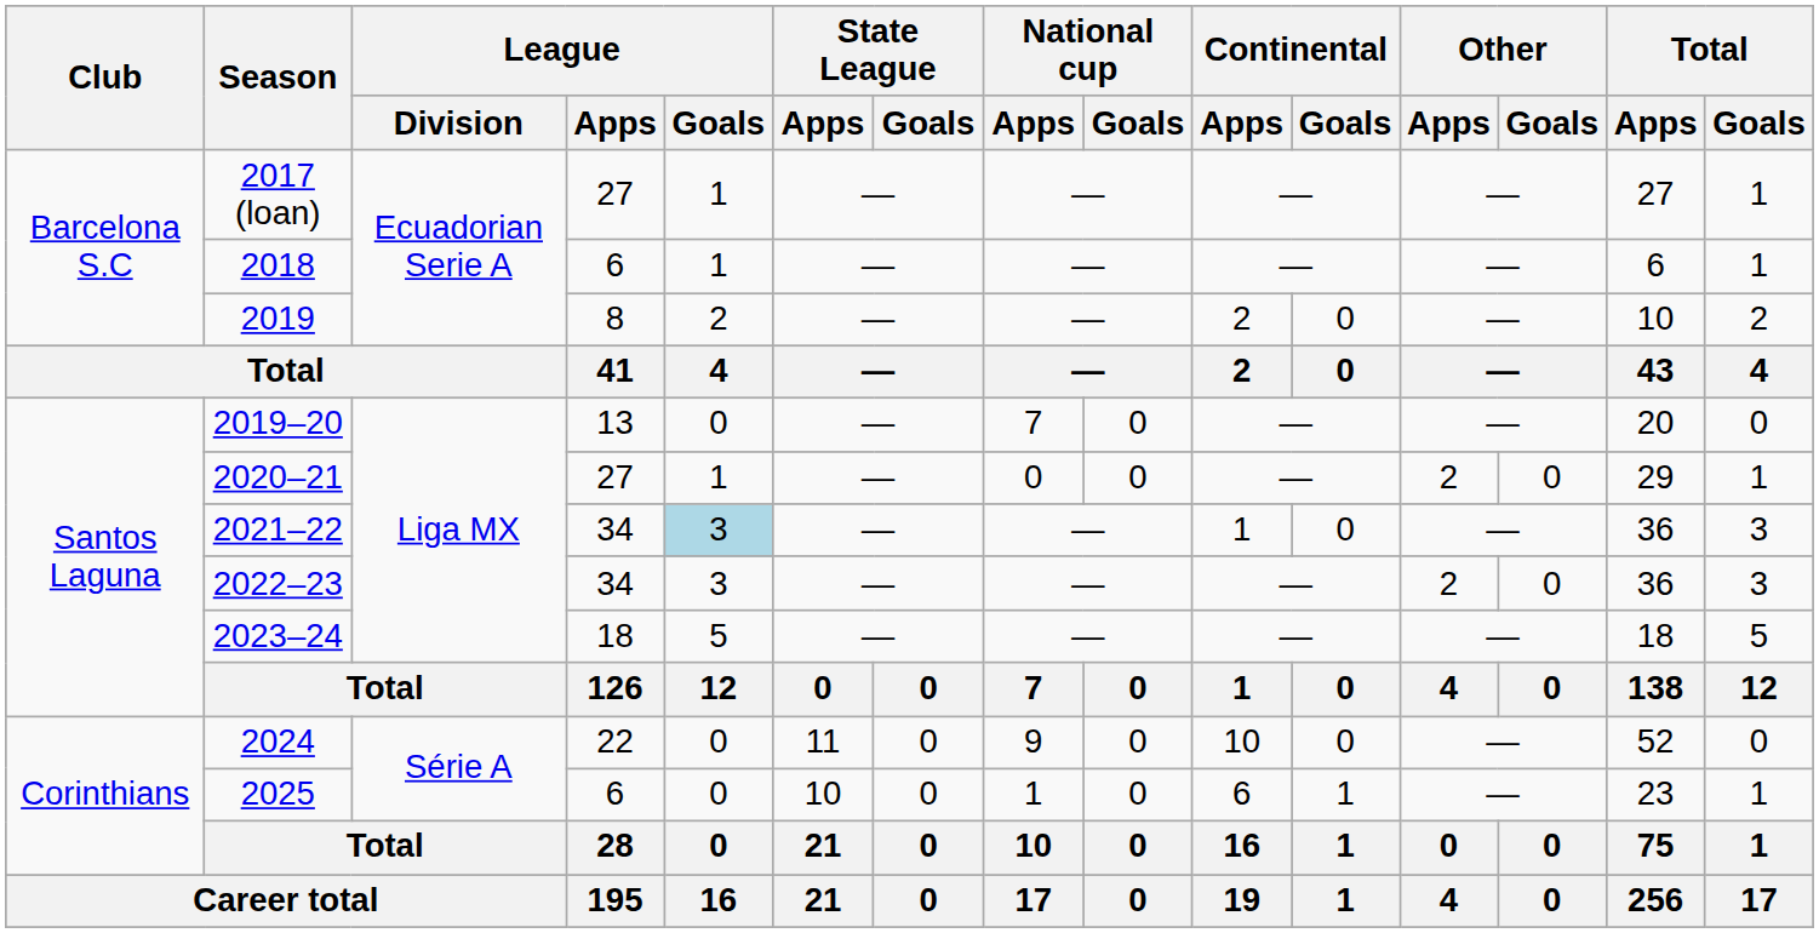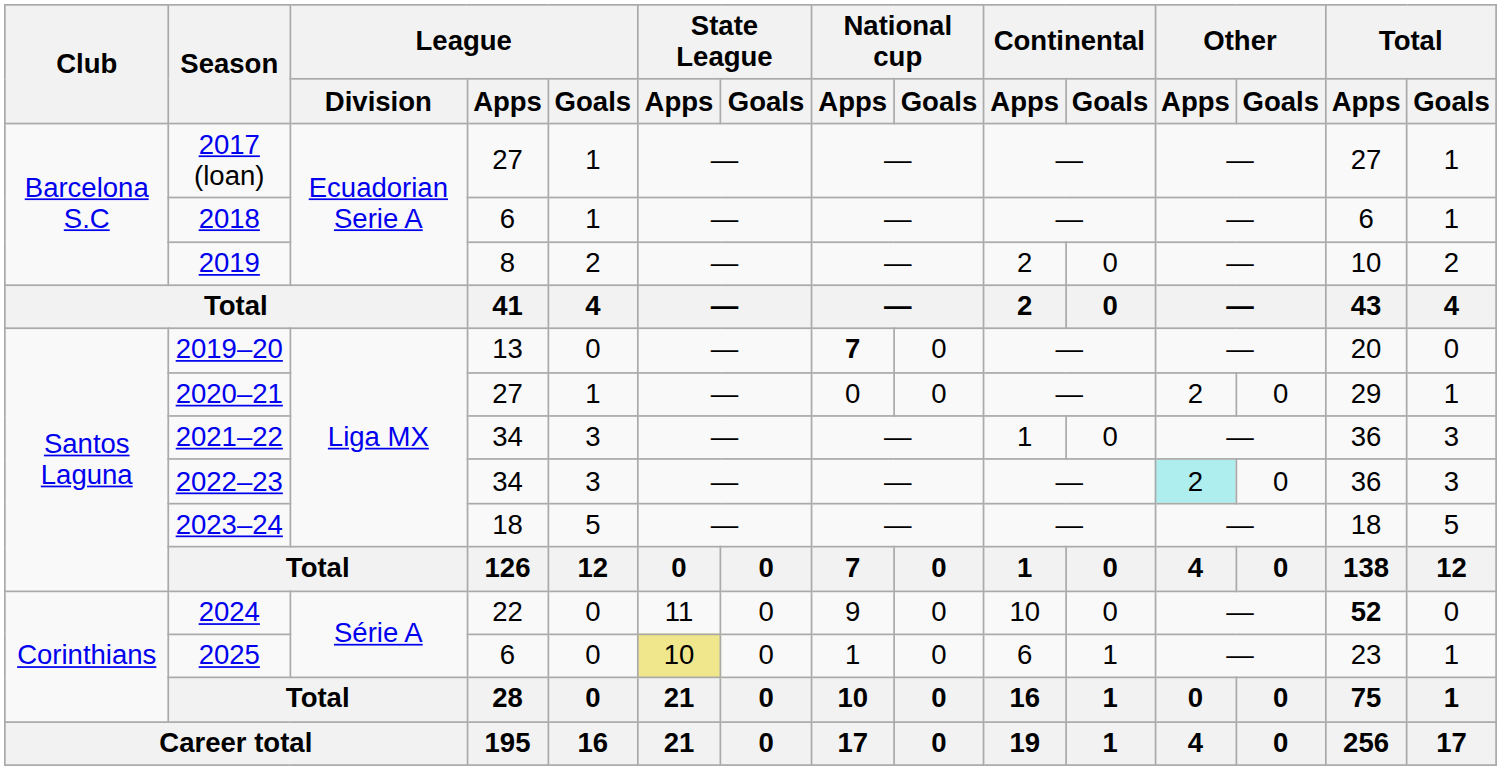 <table class="wikitable" style="text-align: center">
 <tr>
 <th rowspan="2">Club</th>
 <th rowspan="2">Season</th>
 <th colspan="3">League</th>
 <th colspan="2">State League</th>
 <th colspan="2">National cup</th>
 <th colspan="2">Continental</th>
 <th colspan="2">Other</th>
 <th colspan="2">Total</th>
 </tr>
 <tr>
 <th>Division</th>
 <th>Apps</th>
 <th>Goals</th>
 <th>Apps</th>
 <th>Goals</th>
 <th>Apps</th>
 <th>Goals</th>
 <th>Apps</th>
 <th>Goals</th>
 <th>Apps</th>
 <th>Goals</th>
 <th>Apps</th>
 <th>Goals</th>
 </tr>
 <tr>
 <td rowspan="3"><a href='#'>Barcelona S.C</a></td>
 <td><a href='#'>2017</a> (loan)</td>
 <td rowspan="3"><a href='#'>Ecuadorian Serie A</a></td>
 <td>27</td>
 <td>1</td>
 <td colspan="2">—</td>
 <td colspan="2">—</td>
 <td colspan="2">—</td>
 <td colspan="2">—</td>
 <td>27</td>
 <td>1</td>
 </tr>
 <tr>
 <td><a href='#'>2018</a></td>
 <td>6</td>
 <td>1</td>
 <td colspan="2">—</td>
 <td colspan="2">—</td>
 <td colspan="2">—</td>
 <td colspan="2">—</td>
 <td>6</td>
 <td>1</td>
 </tr>
 <tr>
 <td><a href='#'>2019</a></td>
 <td>8</td>
 <td>2</td>
 <td colspan="2">—</td>
 <td colspan="2">—</td>
 <td>2</td>
 <td>0</td>
 <td colspan="2">—</td>
 <td>10</td>
 <td>2</td>
 </tr>
 <tr>
 <th colspan="3">Total</th>
 <th>41</th>
 <th>4</th>
 <th colspan="2">—</th>
 <th colspan="2">—</th>
 <th>2</th>
 <th>0</th>
 <th colspan="2">—</th>
 <th>43</th>
 <th>4</th>
 </tr>
 <tr>
 <td rowspan="6"><a href='#'>Santos Laguna</a></td>
 <td><a href='#'>2019–20</a></td>
 <td rowspan="5"><a href='#'>Liga MX</a></td>
 <td>13</td>
 <td>0</td>
 <td colspan="2">—</td>
-<td>7</td>
+<td><strong>7</strong></td>
 <td>0</td>
 <td colspan="2">—</td>
 <td colspan="2">—</td>
 <td>20</td>
 <td>0</td>
 </tr>
 <tr>
 <td><a href='#'>2020–21</a></td>
 <td>27</td>
 <td>1</td>
 <td colspan="2">—</td>
 <td>0</td>
 <td>0</td>
 <td colspan="2">—</td>
 <td>2</td>
 <td>0</td>
 <td>29</td>
 <td>1</td>
 </tr>
 <tr>
 <td><a href='#'>2021–22</a></td>
 <td>34</td>
-<td style="background: lightblue;">3</td>
+<td>3</td>
 <td colspan="2">—</td>
 <td colspan="2">—</td>
 <td>1</td>
 <td>0</td>
 <td colspan="2">—</td>
 <td>36</td>
 <td>3</td>
 </tr>
 <tr>
 <td><a href='#'>2022–23</a></td>
 <td>34</td>
 <td>3</td>
 <td colspan="2">—</td>
 <td colspan="2">—</td>
 <td colspan="2">—</td>
-<td>2</td>
+<td style="background: paleturquoise;">2</td>
 <td>0</td>
 <td>36</td>
 <td>3</td>
 </tr>
 <tr>
 <td><a href='#'>2023–24</a></td>
 <td>18</td>
 <td>5</td>
 <td colspan="2">—</td>
 <td colspan="2">—</td>
 <td colspan="2">—</td>
 <td colspan="2">—</td>
 <td>18</td>
 <td>5</td>
 </tr>
 <tr>
 <th colspan="2">Total</th>
 <th>126</th>
 <th>12</th>
 <th>0</th>
 <th>0</th>
 <th>7</th>
 <th>0</th>
 <th>1</th>
 <th>0</th>
 <th>4</th>
 <th>0</th>
 <th>138</th>
 <th>12</th>
 </tr>
 <tr>
 <td rowspan="3"><a href='#'>Corinthians</a></td>
 <td><a href='#'>2024</a></td>
 <td rowspan="2"><a href='#'>Série A</a></td>
 <td>22</td>
 <td>0</td>
 <td>11</td>
 <td>0</td>
 <td>9</td>
 <td>0</td>
 <td>10</td>
 <td>0</td>
 <td colspan="2">—</td>
-<td>52</td>
+<td><strong>52</strong></td>
 <td>0</td>
 </tr>
 <tr>
 <td><a href='#'>2025</a></td>
 <td>6</td>
 <td>0</td>
-<td>10</td>
+<td style="background: khaki;">10</td>
 <td>0</td>
 <td>1</td>
 <td>0</td>
 <td>6</td>
 <td>1</td>
 <td colspan="2">—</td>
 <td>23</td>
 <td>1</td>
 </tr>
 <tr>
 <th colspan="2">Total</th>
 <th>28</th>
 <th>0</th>
 <th>21</th>
 <th>0</th>
 <th>10</th>
 <th>0</th>
 <th>16</th>
 <th>1</th>
 <th>0</th>
 <th>0</th>
 <th>75</th>
 <th>1</th>
 </tr>
 <tr>
 <th colspan="3">Career total</th>
 <th>195</th>
 <th>16</th>
 <th>21</th>
 <th>0</th>
 <th>17</th>
 <th>0</th>
 <th>19</th>
 <th>1</th>
 <th>4</th>
 <th>0</th>
 <th>256</th>
 <th>17</th>
 </tr>
 </table>
